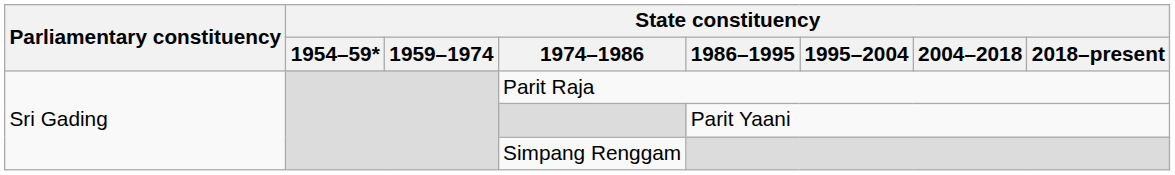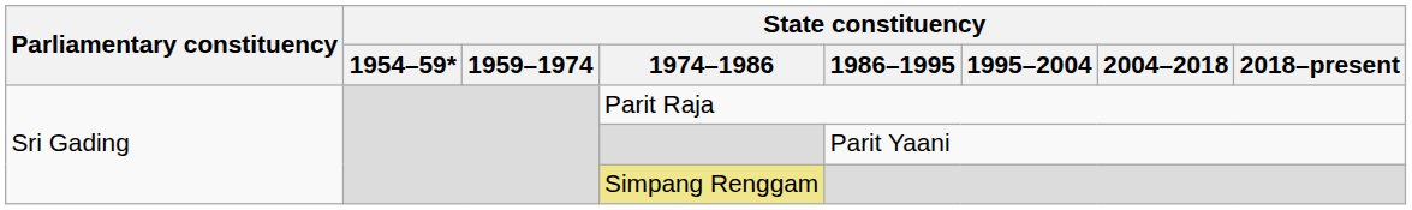 <table class="wikitable">
 <tr>
 <th rowspan="2">Parliamentary constituency</th>
 <th colspan="7">State constituency</th>
 </tr>
 <tr>
 <th>1954–59*</th>
 <th>1959–1974</th>
 <th>1974–1986</th>
 <th>1986–1995</th>
 <th>1995–2004</th>
 <th>2004–2018</th>
 <th>2018–present</th>
 </tr>
 <tr>
 <td rowspan="3">Sri Gading</td>
 <td colspan="2" rowspan="3" bgcolor="dcdcdc"></td>
 <td colspan="5">Parit Raja</td>
 </tr>
 <tr>
 <td bgcolor="dcdcdc"></td>
 <td colspan="4">Parit Yaani</td>
 </tr>
 <tr>
-<td>Simpang Renggam</td>
+<td style="background: khaki;">Simpang Renggam</td>
 <td colspan="4" bgcolor="dcdcdc"></td>
 </tr>
 </table>
